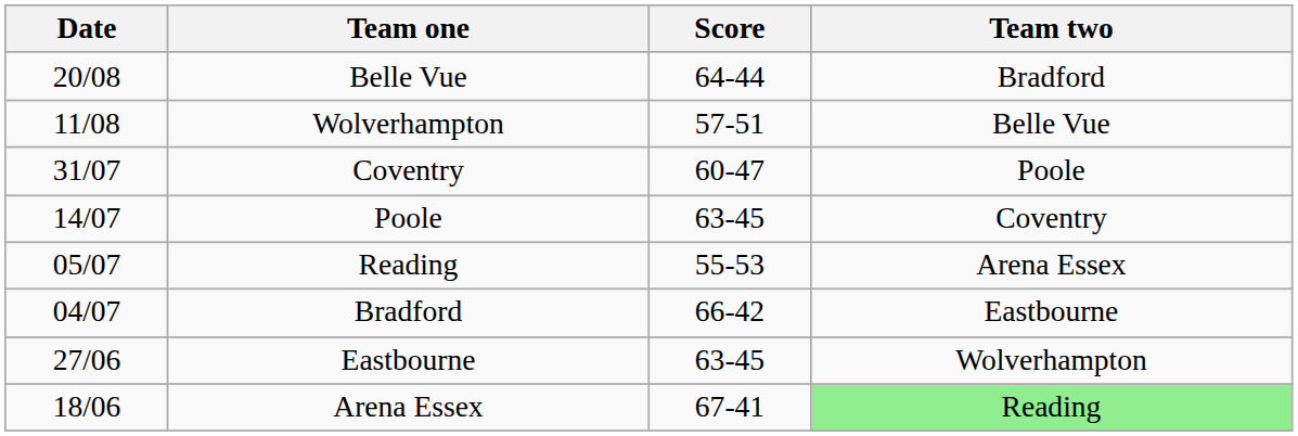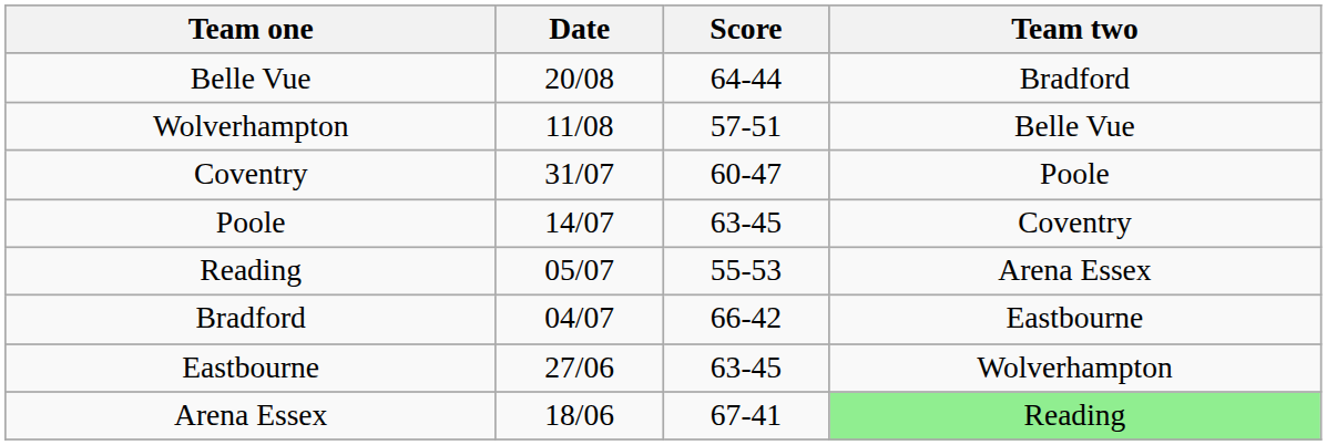 <table class="wikitable" style="text-align: center">
 <tr>
+<th width=250>Team one</th>
 <th width=80>Date</th>
-<th width=250>Team one</th>
 <th width=80>Score</th>
 <th width=250>Team two</th>
 </tr>
 <tr>
+<td>Belle Vue</td>
 <td>20/08</td>
-<td>Belle Vue</td>
 <td>64-44</td>
 <td>Bradford</td>
 </tr>
 <tr>
+<td>Wolverhampton</td>
 <td>11/08</td>
-<td>Wolverhampton</td>
 <td>57-51</td>
 <td>Belle Vue</td>
 </tr>
 <tr>
+<td>Coventry</td>
 <td>31/07</td>
-<td>Coventry</td>
 <td>60-47</td>
 <td>Poole</td>
 </tr>
 <tr>
+<td>Poole</td>
 <td>14/07</td>
-<td>Poole</td>
 <td>63-45</td>
 <td>Coventry</td>
 </tr>
 <tr>
+<td>Reading</td>
 <td>05/07</td>
-<td>Reading</td>
 <td>55-53</td>
 <td>Arena Essex</td>
 </tr>
 <tr>
+<td>Bradford</td>
 <td>04/07</td>
-<td>Bradford</td>
 <td>66-42</td>
 <td>Eastbourne</td>
 </tr>
 <tr>
+<td>Eastbourne</td>
 <td>27/06</td>
-<td>Eastbourne</td>
 <td>63-45</td>
 <td>Wolverhampton</td>
 </tr>
 <tr>
+<td>Arena Essex</td>
 <td>18/06</td>
-<td>Arena Essex</td>
 <td>67-41</td>
 <td style="background: lightgreen;">Reading</td>
 </tr>
 </table>
